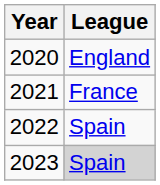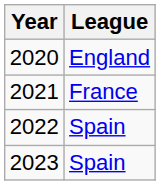 <table class="wikitable">
 <tr>
 <th>Year</th>
 <th>League</th>
 </tr>
 <tr>
 <td align="center">2020</td>
 <td> <a href='#'>England</a></td>
 </tr>
 <tr>
 <td align="center">2021</td>
 <td> <a href='#'>France</a></td>
 </tr>
 <tr>
 <td align="center">2022</td>
 <td> <a href='#'>Spain</a></td>
 </tr>
 <tr>
 <td align="center">2023</td>
-<td style="background: lightgrey;"> <a href='#'>Spain</a></td>
+<td> <a href='#'>Spain</a></td>
 </tr>
 </table>
